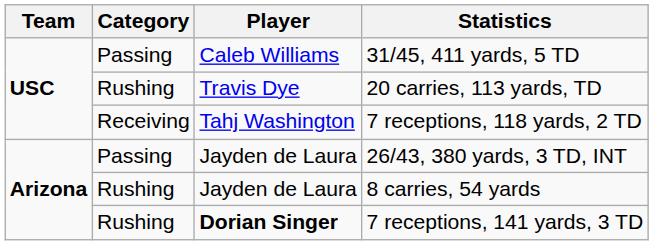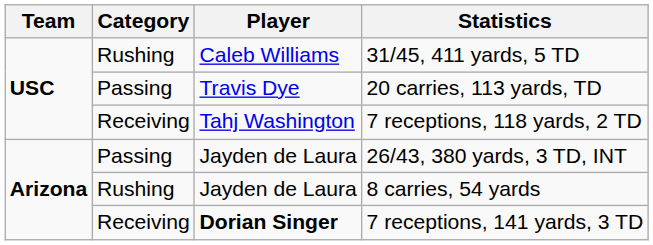 <table class="wikitable" style="float: right;">
 <tr>
 <th>Team</th>
 <th>Category</th>
 <th>Player</th>
 <th>Statistics</th>
 </tr>
 <tr>
 <td rowspan=3><strong>USC</strong></td>
-<td>Passing</td>
+<td>Rushing</td>
 <td><a href='#'>Caleb Williams</a></td>
 <td>31/45, 411 yards, 5 TD</td>
 </tr>
 <tr>
-<td>Rushing</td>
+<td>Passing</td>
 <td><a href='#'>Travis Dye</a></td>
 <td>20 carries, 113 yards, TD</td>
 </tr>
 <tr>
 <td>Receiving</td>
 <td><a href='#'>Tahj Washington</a></td>
 <td>7 receptions, 118 yards, 2 TD</td>
 </tr>
 <tr>
 <td rowspan=3><strong>Arizona</strong></td>
 <td>Passing</td>
 <td>Jayden de Laura</td>
 <td>26/43, 380 yards, 3 TD, INT</td>
 </tr>
 <tr>
 <td>Rushing</td>
 <td>Jayden de Laura</td>
 <td>8 carries, 54 yards</td>
 </tr>
 <tr>
-<td>Rushing</td>
+<td>Receiving</td>
 <td><strong>Dorian Singer</strong></td>
 <td>7 receptions, 141 yards, 3 TD</td>
 </tr>
 </table>
